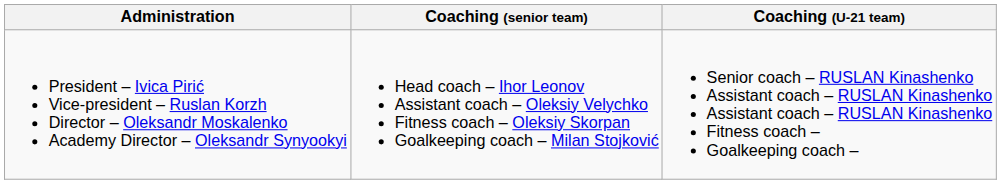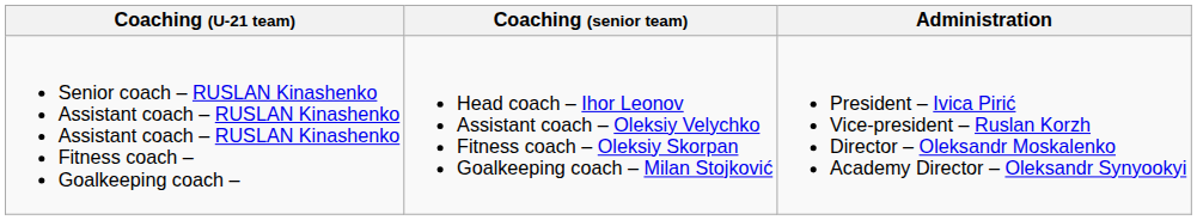 <table class="wikitable">
 <tr>
+<th>Coaching <small>(U-21 team)</small></th>
+<th>Coaching <small>(senior team)</small></th>
 <th>Administration</th>
-<th>Coaching <small>(senior team)</small></th>
-<th>Coaching <small>(U-21 team)</small></th>
 </tr>
 <tr>
+<td><br><ul><li>Senior coach –  <a href='#'>RUSLAN Kinashenko</a></li><li>Assistant coach –  <a href='#'>RUSLAN Kinashenko</a></li><li>Assistant coach –  <a href='#'>RUSLAN Kinashenko</a></li><li>Fitness coach – </li><li>Goalkeeping coach – </li></ul></td>
+<td><br><ul><li>Head coach –  <a href='#'>Ihor Leonov</a></li><li>Assistant coach –  <a href='#'>Oleksiy Velychko</a></li><li>Fitness coach –  <a href='#'>Oleksiy Skorpan</a></li><li>Goalkeeping coach –  <a href='#'>Milan Stojković</a></li></ul></td>
 <td><br><ul><li>President –  <a href='#'>Ivica Pirić</a></li><li>Vice-president –  <a href='#'>Ruslan Korzh</a></li><li>Director –  <a href='#'>Oleksandr Moskalenko</a></li><li>Academy Director –  <a href='#'>Oleksandr Synyookyi</a></li></ul></td>
-<td><br><ul><li>Head coach –  <a href='#'>Ihor Leonov</a></li><li>Assistant coach –  <a href='#'>Oleksiy Velychko</a></li><li>Fitness coach –  <a href='#'>Oleksiy Skorpan</a></li><li>Goalkeeping coach –  <a href='#'>Milan Stojković</a></li></ul></td>
-<td><br><ul><li>Senior coach –  <a href='#'>RUSLAN Kinashenko</a></li><li>Assistant coach –  <a href='#'>RUSLAN Kinashenko</a></li><li>Assistant coach –  <a href='#'>RUSLAN Kinashenko</a></li><li>Fitness coach – </li><li>Goalkeeping coach – </li></ul></td>
 </tr>
 </table>
